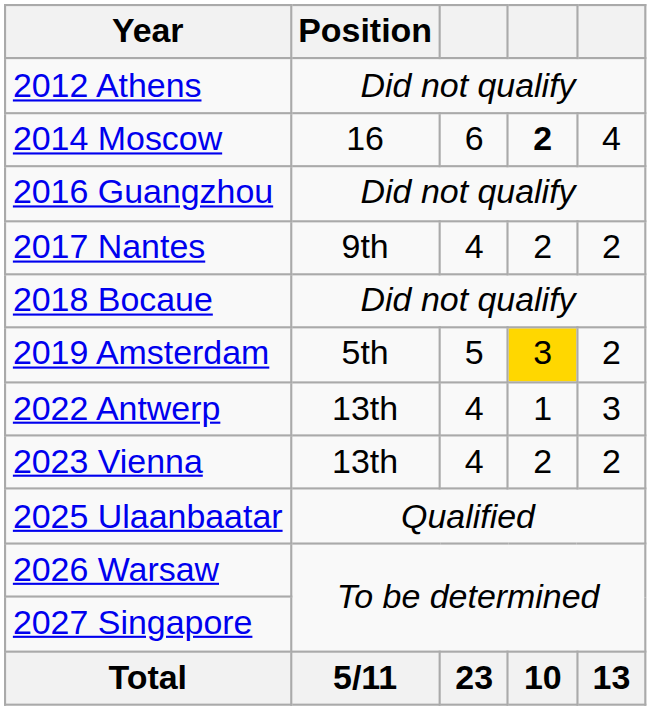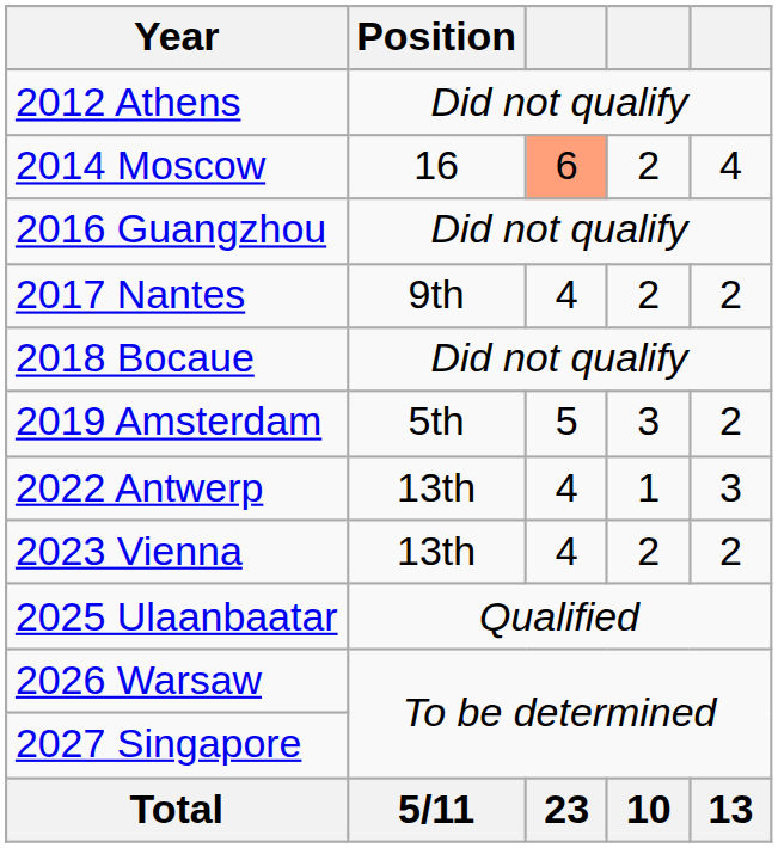 <table class="wikitable" style="text-align: center;">
 <tr>
 <th>Year</th>
 <th>Position</th>
 <th width=25px></th>
 <th width=25px></th>
 <th width=25px></th>
 </tr>
 <tr>
 <td style="text-align:left;"> <a href='#'>2012 Athens</a></td>
 <td colspan=4><em>Did not qualify</em></td>
 </tr>
 <tr>
 <td style="text-align:left;"> <a href='#'>2014 Moscow</a></td>
 <td>16</td>
-<td>6</td>
-<td><strong>2</strong></td>
+<td style="background: lightsalmon;">6</td>
+<td>2</td>
 <td>4</td>
 </tr>
 <tr>
 <td style="text-align:left;"> <a href='#'>2016 Guangzhou</a></td>
 <td colspan=4><em>Did not qualify</em></td>
 </tr>
 <tr>
 <td style="text-align:left;"> <a href='#'>2017 Nantes</a></td>
 <td>9th</td>
 <td>4</td>
 <td>2</td>
 <td>2</td>
 </tr>
 <tr>
 <td style="text-align:left;"> <a href='#'>2018 Bocaue</a></td>
 <td colspan=4><em>Did not qualify</em></td>
 </tr>
 <tr>
 <td style="text-align:left;"> <a href='#'>2019 Amsterdam</a></td>
 <td>5th</td>
 <td>5</td>
-<td style="background: gold;">3</td>
+<td>3</td>
 <td>2</td>
 </tr>
 <tr>
 <td style="text-align:left;"> <a href='#'>2022 Antwerp</a></td>
 <td>13th</td>
 <td>4</td>
 <td>1</td>
 <td>3</td>
 </tr>
 <tr>
 <td style="text-align:left;"> <a href='#'>2023 Vienna</a></td>
 <td>13th</td>
 <td>4</td>
 <td>2</td>
 <td>2</td>
 </tr>
 <tr>
 <td style="text-align:left;"> <a href='#'>2025 Ulaanbaatar</a></td>
 <td colspan=4><em>Qualified</em></td>
 </tr>
 <tr>
 <td style="text-align:left;"> <a href='#'>2026 Warsaw</a></td>
 <td colspan=4 rowspan=2><em>To be determined</em></td>
 </tr>
 <tr>
 <td style="text-align:left;"> <a href='#'>2027 Singapore</a></td>
 </tr>
 <tr>
 <th>Total</th>
 <th>5/11</th>
 <th>23</th>
 <th>10</th>
 <th>13</th>
 </tr>
 </table>
